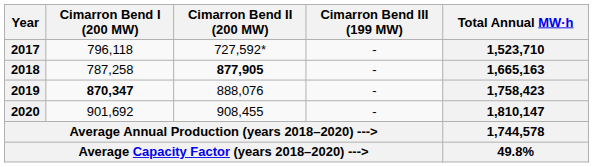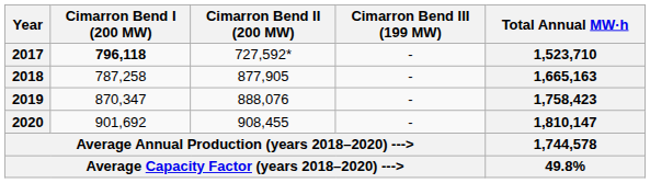 <table class=wikitable style="text-align:center; font-size:0.9em; width:650px;">
 <tr>
 <th>Year</th>
 <th>Cimarron Bend I<br>(200 MW) </th>
 <th>Cimarron Bend II<br>(200 MW) </th>
 <th>Cimarron Bend III<br>(199 MW) </th>
 <th>Total Annual <a href='#'>MW·h</a></th>
 </tr>
 <tr>
 <th>2017</th>
-<td>796,118</td>
+<td><strong>796,118</strong></td>
 <td>727,592*</td>
 <td>-</td>
 <th>1,523,710</th>
 </tr>
 <tr>
 <th>2018</th>
 <td>787,258</td>
-<td><strong>877,905</strong></td>
+<td>877,905</td>
 <td>-</td>
 <th>1,665,163</th>
 </tr>
 <tr>
 <th>2019</th>
-<td><strong>870,347</strong></td>
+<td>870,347</td>
 <td>888,076</td>
 <td>-</td>
 <th>1,758,423</th>
 </tr>
 <tr>
 <th>2020</th>
 <td>901,692</td>
 <td>908,455</td>
 <td>-</td>
 <th>1,810,147</th>
 </tr>
 <tr>
 <th colspan=4>Average Annual Production (years 2018–2020) ---></th>
 <th>1,744,578</th>
 </tr>
 <tr>
 <th colspan=4>Average <a href='#'>Capacity Factor</a> (years 2018–2020) ---></th>
 <th>49.8%</th>
 </tr>
 </table>
